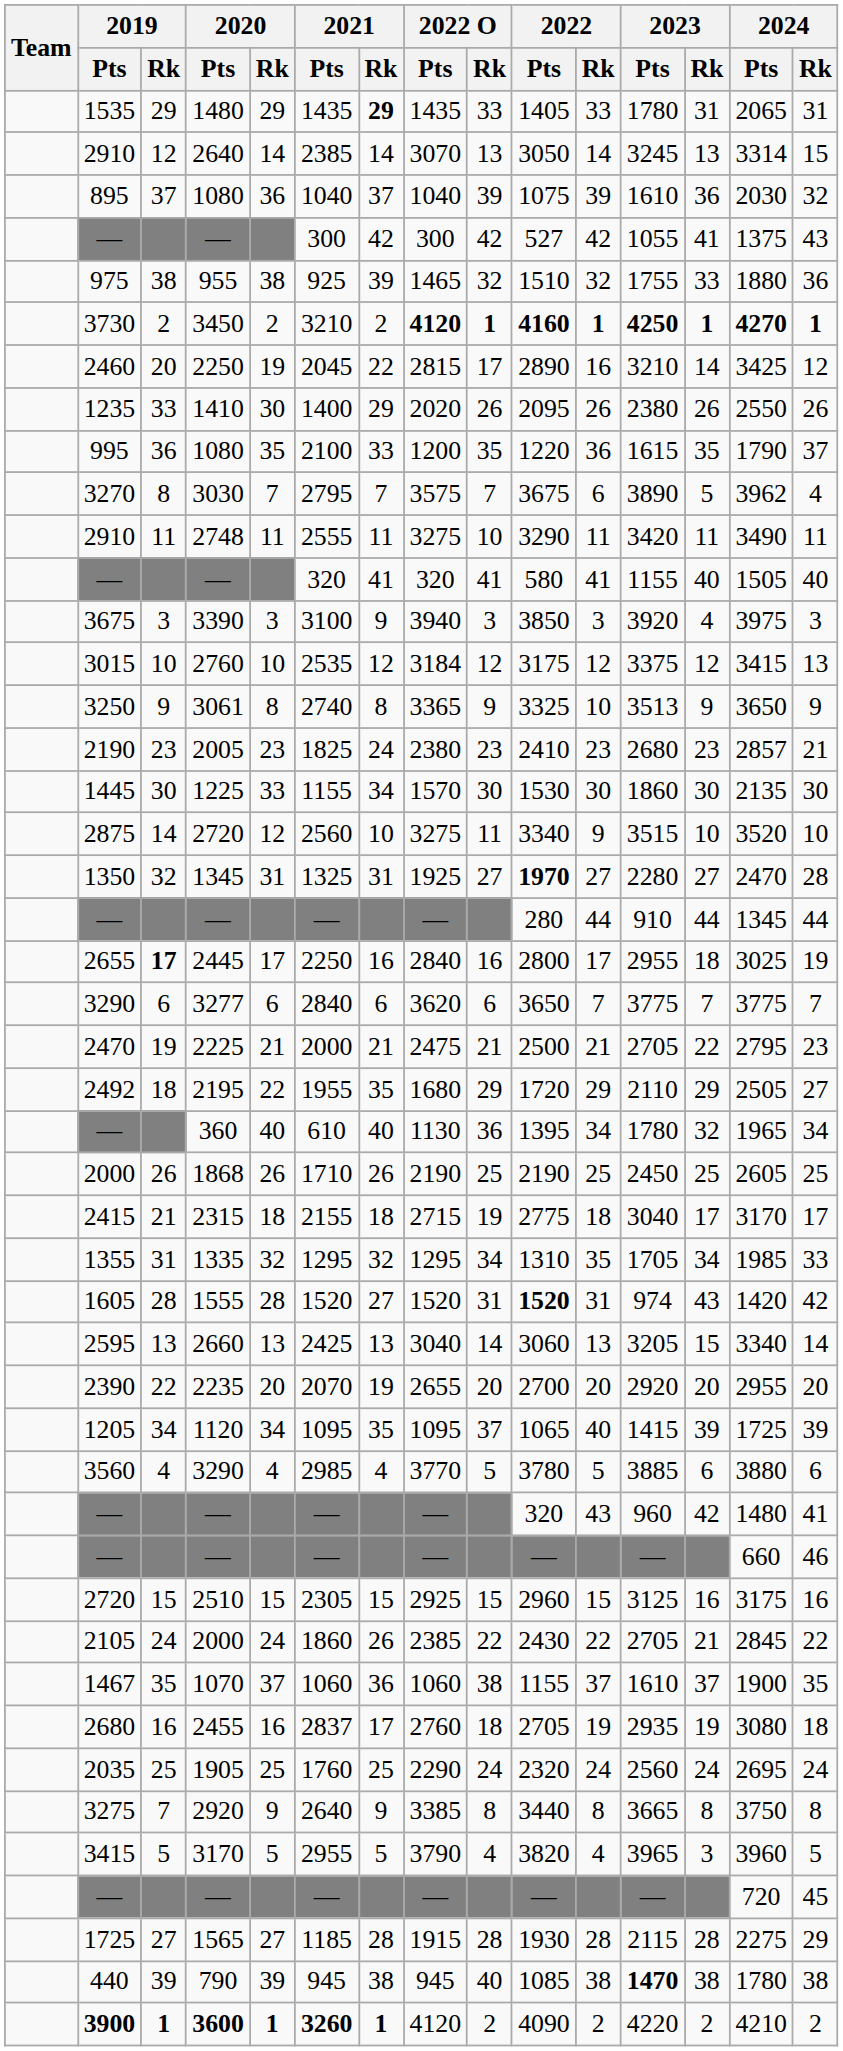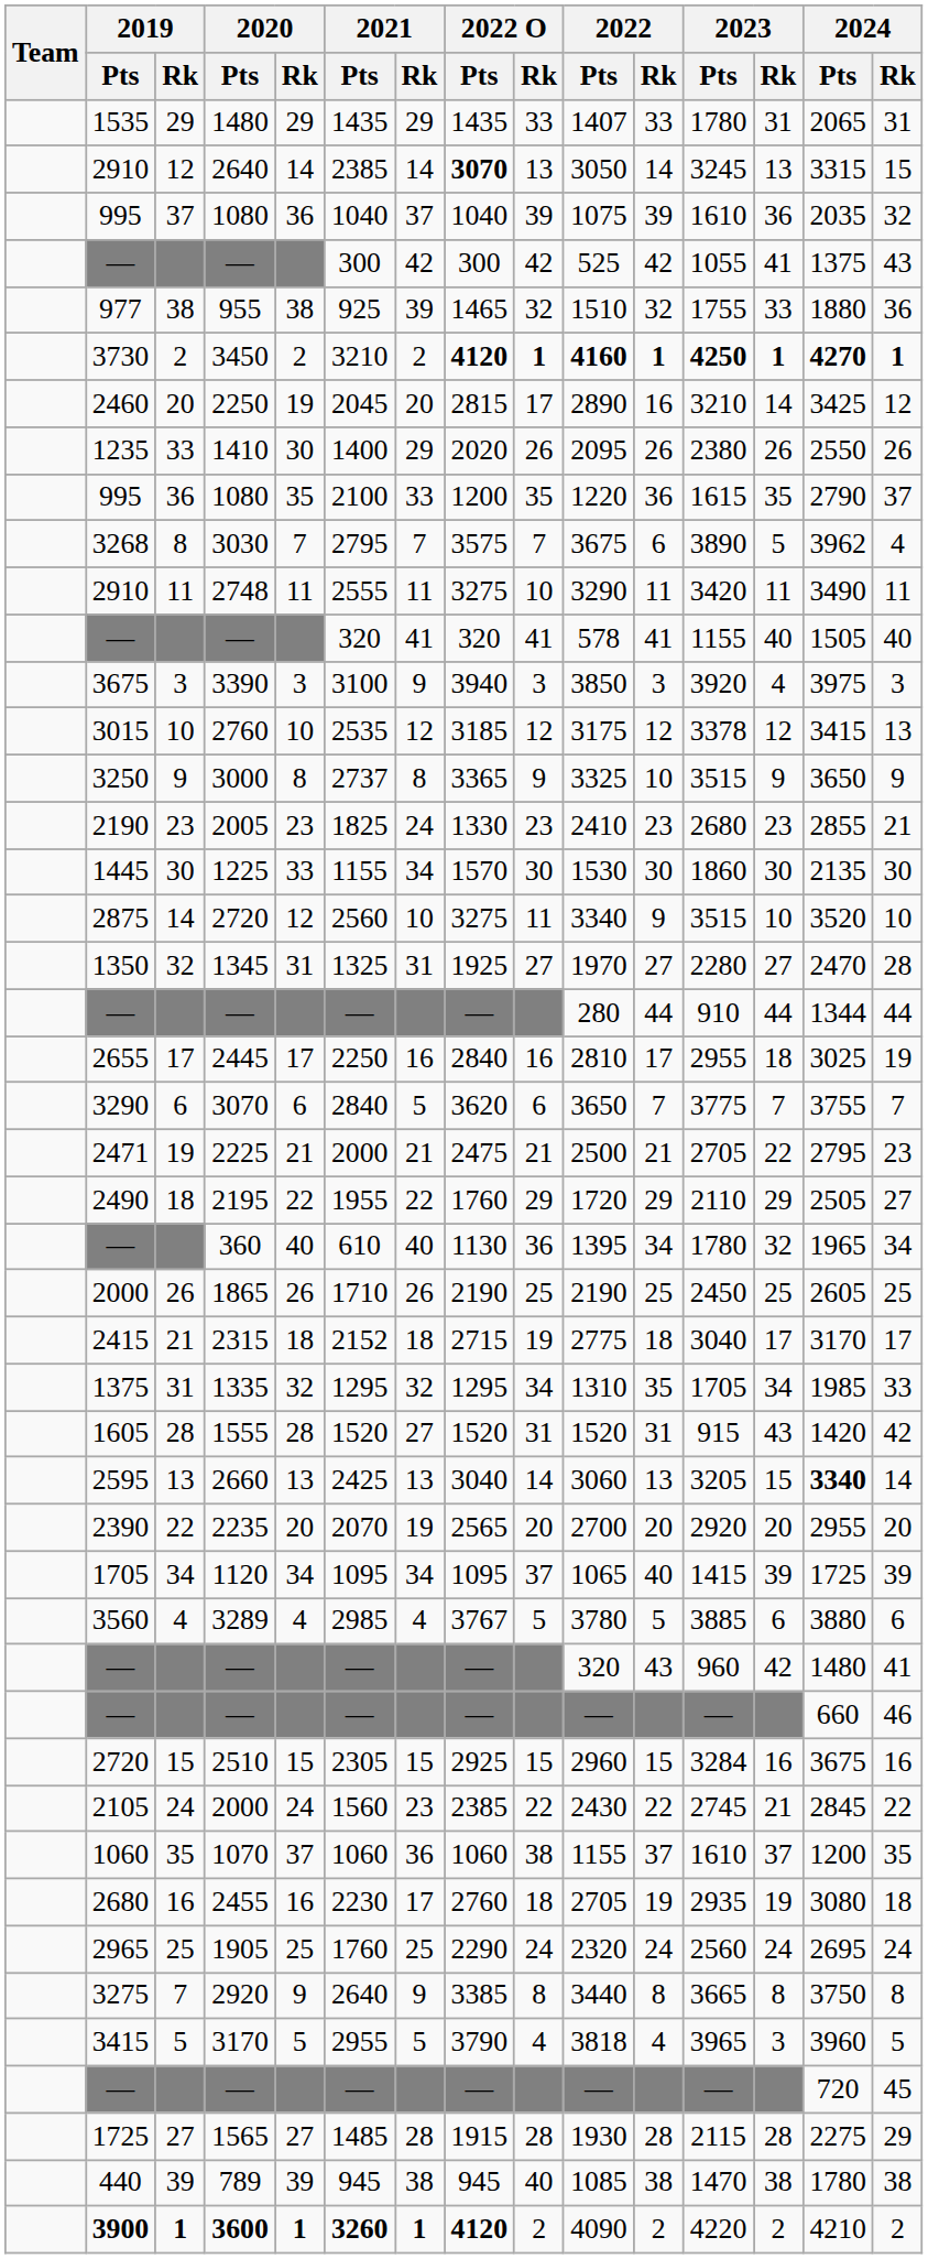 <table class="wikitable sortable" style="font-size: 90%; text-align: center">
 <tr>
 <th rowspan=2>Team</th>
 <th colspan=2>2019</th>
 <th colspan=2>2020</th>
 <th colspan=2>2021</th>
 <th colspan=2>2022 O</th>
 <th colspan=2>2022</th>
 <th colspan=2>2023</th>
 <th colspan=2>2024</th>
 </tr>
 <tr>
 <th>Pts</th>
 <th>Rk</th>
 <th>Pts</th>
 <th>Rk</th>
 <th>Pts</th>
 <th>Rk</th>
 <th>Pts</th>
 <th>Rk</th>
 <th>Pts</th>
 <th>Rk</th>
 <th>Pts</th>
 <th>Rk</th>
 <th>Pts</th>
 <th>Rk</th>
 </tr>
 <tr>
 <td align=left></td>
 <td>1535</td>
 <td>29</td>
 <td>1480</td>
 <td>29</td>
 <td>1435</td>
-<td><strong>29</strong></td>
+<td>29</td>
 <td>1435</td>
 <td>33</td>
-<td>1405</td>
+<td>1407</td>
 <td>33</td>
 <td>1780</td>
 <td>31</td>
 <td>2065</td>
 <td>31</td>
 </tr>
 <tr>
 <td align=left></td>
 <td>2910</td>
 <td>12</td>
 <td>2640</td>
 <td>14</td>
 <td>2385</td>
 <td>14</td>
-<td>3070</td>
+<td><strong>3070</strong></td>
 <td>13</td>
 <td>3050</td>
 <td>14</td>
 <td>3245</td>
 <td>13</td>
-<td>3314</td>
+<td>3315</td>
 <td>15</td>
 </tr>
 <tr>
 <td align=left></td>
-<td>895</td>
+<td>995</td>
 <td>37</td>
 <td>1080</td>
 <td>36</td>
 <td>1040</td>
 <td>37</td>
 <td>1040</td>
 <td>39</td>
 <td>1075</td>
 <td>39</td>
 <td>1610</td>
 <td>36</td>
-<td>2030</td>
+<td>2035</td>
 <td>32</td>
 </tr>
 <tr>
 <td align=left></td>
 <td bgcolor=gray>—</td>
 <td bgcolor=gray></td>
 <td bgcolor=gray>—</td>
 <td bgcolor=gray></td>
 <td>300</td>
 <td>42</td>
 <td>300</td>
 <td>42</td>
-<td>527</td>
+<td>525</td>
 <td>42</td>
 <td>1055</td>
 <td>41</td>
 <td>1375</td>
 <td>43</td>
 </tr>
 <tr>
 <td align=left></td>
-<td>975</td>
+<td>977</td>
 <td>38</td>
 <td>955</td>
 <td>38</td>
 <td>925</td>
 <td>39</td>
 <td>1465</td>
 <td>32</td>
 <td>1510</td>
 <td>32</td>
 <td>1755</td>
 <td>33</td>
 <td>1880</td>
 <td>36</td>
 </tr>
 <tr>
 <td align=left></td>
 <td>3730</td>
 <td>2</td>
 <td>3450</td>
 <td>2</td>
 <td>3210</td>
 <td>2</td>
 <td><strong>4120</strong></td>
 <td><strong>1</strong></td>
 <td><strong>4160</strong></td>
 <td><strong>1</strong></td>
 <td><strong>4250</strong></td>
 <td><strong>1</strong></td>
 <td><strong>4270</strong></td>
 <td><strong>1</strong></td>
 </tr>
 <tr>
 <td align=left></td>
 <td>2460</td>
 <td>20</td>
 <td>2250</td>
 <td>19</td>
 <td>2045</td>
-<td>22</td>
+<td>20</td>
 <td>2815</td>
 <td>17</td>
 <td>2890</td>
 <td>16</td>
 <td>3210</td>
 <td>14</td>
 <td>3425</td>
 <td>12</td>
 </tr>
 <tr>
 <td align=left></td>
 <td>1235</td>
 <td>33</td>
 <td>1410</td>
 <td>30</td>
 <td>1400</td>
 <td>29</td>
 <td>2020</td>
 <td>26</td>
 <td>2095</td>
 <td>26</td>
 <td>2380</td>
 <td>26</td>
 <td>2550</td>
 <td>26</td>
 </tr>
 <tr>
 <td align=left></td>
 <td>995</td>
 <td>36</td>
 <td>1080</td>
 <td>35</td>
 <td>2100</td>
 <td>33</td>
 <td>1200</td>
 <td>35</td>
 <td>1220</td>
 <td>36</td>
 <td>1615</td>
 <td>35</td>
-<td>1790</td>
+<td>2790</td>
 <td>37</td>
 </tr>
 <tr>
 <td align=left></td>
-<td>3270</td>
+<td>3268</td>
 <td>8</td>
 <td>3030</td>
 <td>7</td>
 <td>2795</td>
 <td>7</td>
 <td>3575</td>
 <td>7</td>
 <td>3675</td>
 <td>6</td>
 <td>3890</td>
 <td>5</td>
 <td>3962</td>
 <td>4</td>
 </tr>
 <tr>
 <td align=left></td>
 <td>2910</td>
 <td>11</td>
 <td>2748</td>
 <td>11</td>
 <td>2555</td>
 <td>11</td>
 <td>3275</td>
 <td>10</td>
 <td>3290</td>
 <td>11</td>
 <td>3420</td>
 <td>11</td>
 <td>3490</td>
 <td>11</td>
 </tr>
 <tr>
 <td align=left></td>
 <td bgcolor=gray>—</td>
 <td bgcolor=gray></td>
 <td bgcolor=gray>—</td>
 <td bgcolor=gray></td>
 <td>320</td>
 <td>41</td>
 <td>320</td>
 <td>41</td>
-<td>580</td>
+<td>578</td>
 <td>41</td>
 <td>1155</td>
 <td>40</td>
 <td>1505</td>
 <td>40</td>
 </tr>
 <tr>
 <td align=left></td>
 <td>3675</td>
 <td>3</td>
 <td>3390</td>
 <td>3</td>
 <td>3100</td>
 <td>9</td>
 <td>3940</td>
 <td>3</td>
 <td>3850</td>
 <td>3</td>
 <td>3920</td>
 <td>4</td>
 <td>3975</td>
 <td>3</td>
 </tr>
 <tr>
 <td align=left></td>
 <td>3015</td>
 <td>10</td>
 <td>2760</td>
 <td>10</td>
 <td>2535</td>
 <td>12</td>
-<td>3184</td>
+<td>3185</td>
 <td>12</td>
 <td>3175</td>
 <td>12</td>
-<td>3375</td>
+<td>3378</td>
 <td>12</td>
 <td>3415</td>
 <td>13</td>
 </tr>
 <tr>
 <td align=left></td>
 <td>3250</td>
 <td>9</td>
-<td>3061</td>
+<td>3000</td>
 <td>8</td>
-<td>2740</td>
+<td>2737</td>
 <td>8</td>
 <td>3365</td>
 <td>9</td>
 <td>3325</td>
 <td>10</td>
-<td>3513</td>
+<td>3515</td>
 <td>9</td>
 <td>3650</td>
 <td>9</td>
 </tr>
 <tr>
 <td align=left></td>
 <td>2190</td>
 <td>23</td>
 <td>2005</td>
 <td>23</td>
 <td>1825</td>
 <td>24</td>
-<td>2380</td>
+<td>1330</td>
 <td>23</td>
 <td>2410</td>
 <td>23</td>
 <td>2680</td>
 <td>23</td>
-<td>2857</td>
+<td>2855</td>
 <td>21</td>
 </tr>
 <tr>
 <td align=left></td>
 <td>1445</td>
 <td>30</td>
 <td>1225</td>
 <td>33</td>
 <td>1155</td>
 <td>34</td>
 <td>1570</td>
 <td>30</td>
 <td>1530</td>
 <td>30</td>
 <td>1860</td>
 <td>30</td>
 <td>2135</td>
 <td>30</td>
 </tr>
 <tr>
 <td align=left></td>
 <td>2875</td>
 <td>14</td>
 <td>2720</td>
 <td>12</td>
 <td>2560</td>
 <td>10</td>
 <td>3275</td>
 <td>11</td>
 <td>3340</td>
 <td>9</td>
 <td>3515</td>
 <td>10</td>
 <td>3520</td>
 <td>10</td>
 </tr>
 <tr>
 <td align=left></td>
 <td>1350</td>
 <td>32</td>
 <td>1345</td>
 <td>31</td>
 <td>1325</td>
 <td>31</td>
 <td>1925</td>
 <td>27</td>
-<td><strong>1970</strong></td>
+<td>1970</td>
 <td>27</td>
 <td>2280</td>
 <td>27</td>
 <td>2470</td>
 <td>28</td>
 </tr>
 <tr>
 <td align=left></td>
 <td bgcolor=gray>—</td>
 <td bgcolor=gray></td>
 <td bgcolor=gray>—</td>
 <td bgcolor=gray></td>
 <td bgcolor=gray>—</td>
 <td bgcolor=gray></td>
 <td bgcolor=gray>—</td>
 <td bgcolor=gray></td>
 <td>280</td>
 <td>44</td>
 <td>910</td>
 <td>44</td>
-<td>1345</td>
+<td>1344</td>
 <td>44</td>
 </tr>
 <tr>
 <td align=left></td>
 <td>2655</td>
-<td><strong>17</strong></td>
+<td>17</td>
 <td>2445</td>
 <td>17</td>
 <td>2250</td>
 <td>16</td>
 <td>2840</td>
 <td>16</td>
-<td>2800</td>
+<td>2810</td>
 <td>17</td>
 <td>2955</td>
 <td>18</td>
 <td>3025</td>
 <td>19</td>
 </tr>
 <tr>
 <td align=left></td>
 <td>3290</td>
 <td>6</td>
-<td>3277</td>
+<td>3070</td>
 <td>6</td>
 <td>2840</td>
-<td>6</td>
+<td>5</td>
 <td>3620</td>
 <td>6</td>
 <td>3650</td>
 <td>7</td>
 <td>3775</td>
 <td>7</td>
-<td>3775</td>
+<td>3755</td>
 <td>7</td>
 </tr>
 <tr>
 <td align=left></td>
-<td>2470</td>
+<td>2471</td>
 <td>19</td>
 <td>2225</td>
 <td>21</td>
 <td>2000</td>
 <td>21</td>
 <td>2475</td>
 <td>21</td>
 <td>2500</td>
 <td>21</td>
 <td>2705</td>
 <td>22</td>
 <td>2795</td>
 <td>23</td>
 </tr>
 <tr>
 <td align=left></td>
-<td>2492</td>
+<td>2490</td>
 <td>18</td>
 <td>2195</td>
 <td>22</td>
 <td>1955</td>
-<td>35</td>
-<td>1680</td>
+<td>22</td>
+<td>1760</td>
 <td>29</td>
 <td>1720</td>
 <td>29</td>
 <td>2110</td>
 <td>29</td>
 <td>2505</td>
 <td>27</td>
 </tr>
 <tr>
 <td align=left></td>
 <td bgcolor=gray>—</td>
 <td bgcolor=gray></td>
 <td>360</td>
 <td>40</td>
 <td>610</td>
 <td>40</td>
 <td>1130</td>
 <td>36</td>
 <td>1395</td>
 <td>34</td>
 <td>1780</td>
 <td>32</td>
 <td>1965</td>
 <td>34</td>
 </tr>
 <tr>
 <td align=left></td>
 <td>2000</td>
 <td>26</td>
-<td>1868</td>
+<td>1865</td>
 <td>26</td>
 <td>1710</td>
 <td>26</td>
 <td>2190</td>
 <td>25</td>
 <td>2190</td>
 <td>25</td>
 <td>2450</td>
 <td>25</td>
 <td>2605</td>
 <td>25</td>
 </tr>
 <tr>
 <td align=left></td>
 <td>2415</td>
 <td>21</td>
 <td>2315</td>
 <td>18</td>
-<td>2155</td>
+<td>2152</td>
 <td>18</td>
 <td>2715</td>
 <td>19</td>
 <td>2775</td>
 <td>18</td>
 <td>3040</td>
 <td>17</td>
 <td>3170</td>
 <td>17</td>
 </tr>
 <tr>
 <td align=left></td>
-<td>1355</td>
+<td>1375</td>
 <td>31</td>
 <td>1335</td>
 <td>32</td>
 <td>1295</td>
 <td>32</td>
 <td>1295</td>
 <td>34</td>
 <td>1310</td>
 <td>35</td>
 <td>1705</td>
 <td>34</td>
 <td>1985</td>
 <td>33</td>
 </tr>
 <tr>
 <td align=left></td>
 <td>1605</td>
 <td>28</td>
 <td>1555</td>
 <td>28</td>
 <td>1520</td>
 <td>27</td>
 <td>1520</td>
 <td>31</td>
-<td><strong>1520</strong></td>
+<td>1520</td>
 <td>31</td>
-<td>974 </td>
+<td>915 </td>
 <td>43</td>
 <td>1420</td>
 <td>42</td>
 </tr>
 <tr>
 <td align=left></td>
 <td>2595</td>
 <td>13</td>
 <td>2660</td>
 <td>13</td>
 <td>2425</td>
 <td>13</td>
 <td>3040</td>
 <td>14</td>
 <td>3060</td>
 <td>13</td>
 <td>3205</td>
 <td>15</td>
-<td>3340</td>
+<td><strong>3340</strong></td>
 <td>14</td>
 </tr>
 <tr>
 <td align=left></td>
 <td>2390</td>
 <td>22</td>
 <td>2235</td>
 <td>20</td>
 <td>2070</td>
 <td>19</td>
-<td>2655</td>
+<td>2565</td>
 <td>20</td>
 <td>2700</td>
 <td>20</td>
 <td>2920</td>
 <td>20</td>
 <td>2955</td>
 <td>20</td>
 </tr>
 <tr>
 <td align=left></td>
-<td>1205</td>
+<td>1705</td>
 <td>34</td>
 <td>1120</td>
 <td>34</td>
 <td>1095</td>
-<td>35</td>
+<td>34</td>
 <td>1095</td>
 <td>37</td>
 <td>1065</td>
 <td>40</td>
 <td>1415</td>
 <td>39</td>
 <td>1725</td>
 <td>39</td>
 </tr>
 <tr>
 <td align=left></td>
 <td>3560</td>
 <td>4</td>
-<td>3290</td>
+<td>3289</td>
 <td>4</td>
 <td>2985</td>
 <td>4</td>
-<td>3770</td>
+<td>3767</td>
 <td>5</td>
 <td>3780</td>
 <td>5</td>
 <td>3885</td>
 <td>6</td>
 <td>3880</td>
 <td>6</td>
 </tr>
 <tr>
 <td align=left></td>
 <td bgcolor=gray>—</td>
 <td bgcolor=gray></td>
 <td bgcolor=gray>—</td>
 <td bgcolor=gray></td>
 <td bgcolor=gray>—</td>
 <td bgcolor=gray></td>
 <td bgcolor=gray>—</td>
 <td bgcolor=gray></td>
 <td>320</td>
 <td>43</td>
 <td>960</td>
 <td>42</td>
 <td>1480</td>
 <td>41</td>
 </tr>
 <tr>
 <td align=left></td>
 <td bgcolor=gray>—</td>
 <td bgcolor=gray></td>
 <td bgcolor=gray>—</td>
 <td bgcolor=gray></td>
 <td bgcolor=gray>—</td>
 <td bgcolor=gray></td>
 <td bgcolor=gray>—</td>
 <td bgcolor=gray></td>
 <td bgcolor=gray>—</td>
 <td bgcolor=gray></td>
 <td bgcolor=gray>—</td>
 <td bgcolor=gray></td>
 <td>660</td>
 <td>46</td>
 </tr>
 <tr>
 <td align=left></td>
 <td>2720</td>
 <td>15</td>
 <td>2510</td>
 <td>15</td>
 <td>2305</td>
 <td>15</td>
 <td>2925</td>
 <td>15</td>
 <td>2960</td>
 <td>15</td>
-<td>3125</td>
+<td>3284</td>
 <td>16</td>
-<td>3175</td>
+<td>3675</td>
 <td>16</td>
 </tr>
 <tr>
 <td align=left></td>
 <td>2105</td>
 <td>24</td>
 <td>2000</td>
 <td>24</td>
-<td>1860</td>
-<td>26</td>
+<td>1560</td>
+<td>23</td>
 <td>2385</td>
 <td>22</td>
 <td>2430</td>
 <td>22</td>
-<td>2705</td>
+<td>2745</td>
 <td>21</td>
 <td>2845</td>
 <td>22</td>
 </tr>
 <tr>
 <td align=left></td>
-<td>1467</td>
+<td>1060</td>
 <td>35</td>
 <td>1070</td>
 <td>37</td>
 <td>1060</td>
 <td>36</td>
 <td>1060</td>
 <td>38</td>
 <td>1155</td>
 <td>37</td>
 <td>1610</td>
 <td>37</td>
-<td>1900</td>
+<td>1200</td>
 <td>35</td>
 </tr>
 <tr>
 <td align=left></td>
 <td>2680</td>
 <td>16</td>
 <td>2455</td>
 <td>16</td>
-<td>2837</td>
+<td>2230</td>
 <td>17</td>
 <td>2760</td>
 <td>18</td>
 <td>2705</td>
 <td>19</td>
 <td>2935</td>
 <td>19</td>
 <td>3080</td>
 <td>18</td>
 </tr>
 <tr>
 <td align=left></td>
-<td>2035</td>
+<td>2965</td>
 <td>25</td>
 <td>1905</td>
 <td>25</td>
 <td>1760</td>
 <td>25</td>
 <td>2290</td>
 <td>24</td>
 <td>2320</td>
 <td>24</td>
 <td>2560</td>
 <td>24</td>
 <td>2695</td>
 <td>24</td>
 </tr>
 <tr>
 <td align=left></td>
 <td>3275</td>
 <td>7</td>
 <td>2920</td>
 <td>9</td>
 <td>2640</td>
 <td>9</td>
 <td>3385</td>
 <td>8</td>
 <td>3440</td>
 <td>8</td>
 <td>3665</td>
 <td>8</td>
 <td>3750</td>
 <td>8</td>
 </tr>
 <tr>
 <td align=left></td>
 <td>3415</td>
 <td>5</td>
 <td>3170</td>
 <td>5</td>
 <td>2955</td>
 <td>5</td>
 <td>3790</td>
 <td>4</td>
-<td>3820</td>
+<td>3818</td>
 <td>4</td>
 <td>3965</td>
 <td>3</td>
 <td>3960</td>
 <td>5</td>
 </tr>
 <tr>
 <td align=left></td>
 <td bgcolor=gray>—</td>
 <td bgcolor=gray></td>
 <td bgcolor=gray>—</td>
 <td bgcolor=gray></td>
 <td bgcolor=gray>—</td>
 <td bgcolor=gray></td>
 <td bgcolor=gray>—</td>
 <td bgcolor=gray></td>
 <td bgcolor=gray>—</td>
 <td bgcolor=gray></td>
 <td bgcolor=gray>—</td>
 <td bgcolor=gray></td>
 <td>720</td>
 <td>45</td>
 </tr>
 <tr>
 <td align=left></td>
 <td>1725</td>
 <td>27</td>
 <td>1565</td>
 <td>27</td>
-<td>1185</td>
+<td>1485</td>
 <td>28</td>
 <td>1915</td>
 <td>28</td>
 <td>1930</td>
 <td>28</td>
 <td>2115</td>
 <td>28</td>
 <td>2275</td>
 <td>29</td>
 </tr>
 <tr>
 <td align=left></td>
 <td>440</td>
 <td>39</td>
-<td>790</td>
+<td>789</td>
 <td>39</td>
 <td>945</td>
 <td>38</td>
 <td>945</td>
 <td>40</td>
 <td>1085</td>
 <td>38</td>
-<td><strong>1470</strong></td>
+<td>1470</td>
 <td>38</td>
 <td>1780</td>
 <td>38</td>
 </tr>
 <tr>
 <td align=left></td>
 <td><strong>3900</strong></td>
 <td><strong>1</strong></td>
 <td><strong>3600</strong></td>
 <td><strong>1</strong></td>
 <td><strong>3260</strong></td>
 <td><strong>1</strong></td>
-<td>4120</td>
+<td><strong>4120</strong></td>
 <td>2</td>
 <td>4090</td>
 <td>2</td>
 <td>4220</td>
 <td>2</td>
 <td>4210</td>
 <td>2</td>
 </tr>
 </table>
